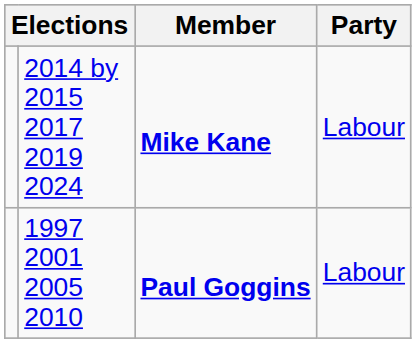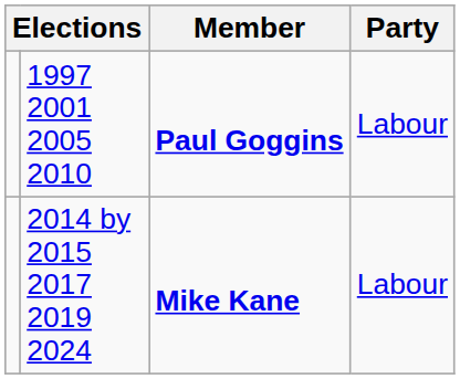 <table class="wikitable">
 <tr>
 <th colspan="2">Elections</th>
 <th>Member</th>
 <th>Party</th>
 </tr>
 <tr>
 <td style="color:inherit;background-color: "></td>
+<td><a href='#'>1997</a><br><a href='#'>2001</a><br><a href='#'>2005</a><br><a href='#'>2010</a></td>
+<td><br><strong><a href='#'>Paul Goggins</a></strong></td>
+<td><a href='#'>Labour</a></td>
+</tr>
+<tr>
+<td style="color:inherit;background-color: "></td>
 <td><a href='#'>2014 by</a><br><a href='#'>2015</a><br><a href='#'>2017</a><br><a href='#'>2019</a><br><a href='#'>2024</a></td>
 <td><br><strong><a href='#'>Mike Kane</a></strong></td>
 <td><a href='#'>Labour</a></td>
 </tr>
-<tr>
-<td style="color:inherit;background-color: "></td>
-<td><a href='#'>1997</a><br><a href='#'>2001</a><br><a href='#'>2005</a><br><a href='#'>2010</a></td>
-<td><br><strong><a href='#'>Paul Goggins</a></strong></td>
-<td><a href='#'>Labour</a></td>
-</tr>
 </table>
